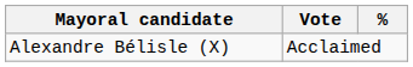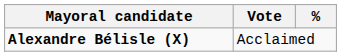 <table class="wikitable">
 <tr>
 <th bgcolor="#DDDDFF" width="200px">Mayoral candidate</th>
 <th bgcolor="#DDDDFF" width="50px">Vote</th>
 <th bgcolor="#DDDDFF" width="30px">%</th>
 </tr>
 <tr>
-<td>Alexandre Bélisle (X)</td>
+<td><strong>Alexandre Bélisle (X)</strong></td>
 <td colspan="2">Acclaimed</td>
 </tr>
 </table>
